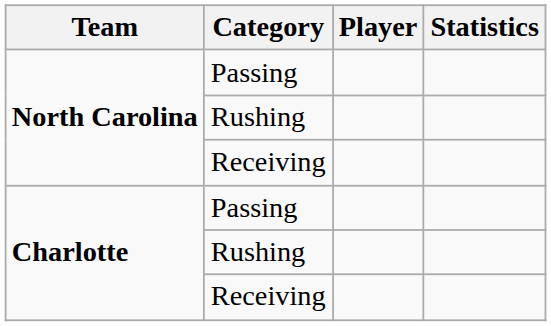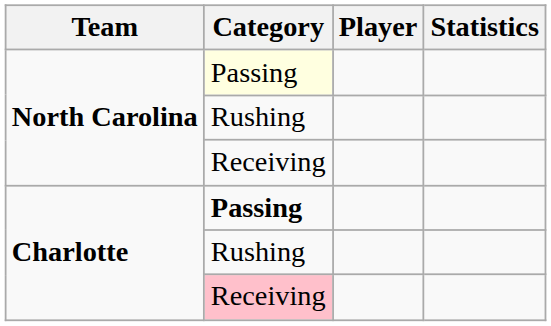 <table class="wikitable" style="float: right;">
 <tr>
 <th>Team</th>
 <th>Category</th>
 <th>Player</th>
 <th>Statistics</th>
 </tr>
 <tr>
 <td rowspan=3><strong>North Carolina</strong></td>
-<td>Passing</td>
+<td style="background: lightyellow;">Passing</td>
 <td></td>
 <td></td>
 </tr>
 <tr>
 <td>Rushing</td>
 <td></td>
 <td></td>
 </tr>
 <tr>
 <td>Receiving</td>
 <td></td>
 <td></td>
 </tr>
 <tr>
 <td rowspan=3><strong>Charlotte</strong></td>
-<td>Passing</td>
+<td><strong>Passing</strong></td>
 <td></td>
 <td></td>
 </tr>
 <tr>
 <td>Rushing</td>
 <td></td>
 <td></td>
 </tr>
 <tr>
-<td>Receiving</td>
+<td style="background: pink;">Receiving</td>
 <td></td>
 <td></td>
 </tr>
 </table>
